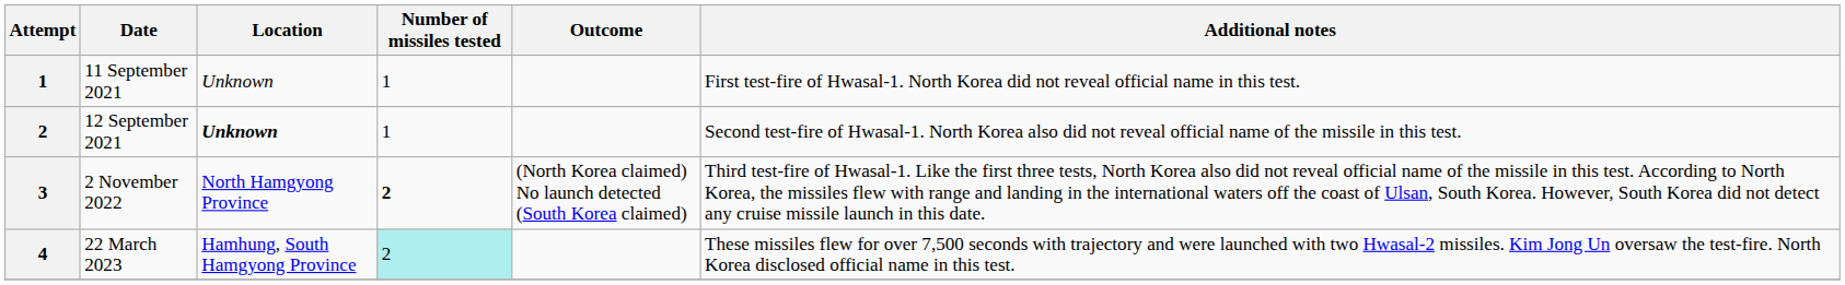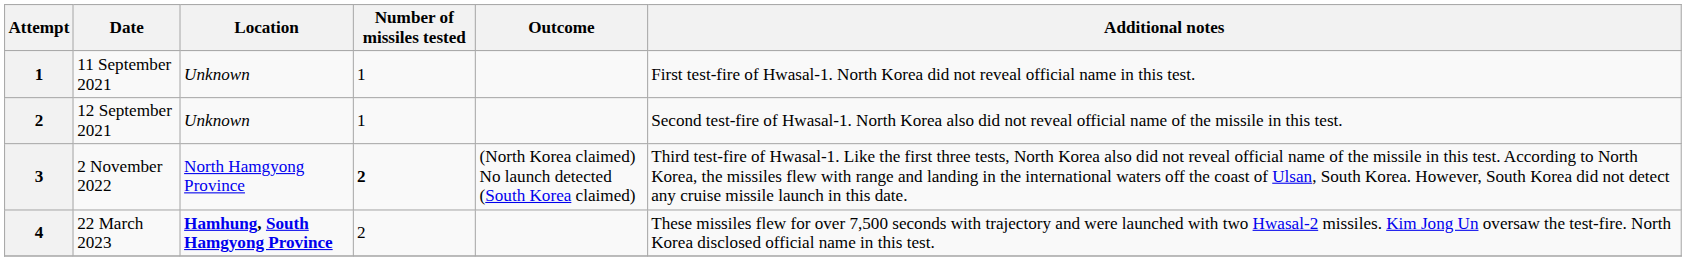 <table class="wikitable">
 <tr>
 <th scope="col">Attempt</th>
 <th scope="col">Date</th>
 <th scope="col">Location</th>
 <th scope="col">Number of missiles tested</th>
 <th scope="col">Outcome</th>
 <th scope="col">Additional notes</th>
 </tr>
 <tr>
 <th scope="row">1</th>
 <td>11 September 2021</td>
 <td><em>Unknown</em></td>
 <td>1</td>
 <td></td>
 <td>First test-fire of Hwasal-1. North Korea did not reveal official name in this test.</td>
 </tr>
 <tr>
 <th>2</th>
 <td>12 September 2021</td>
-<td><strong><em>Unknown</em></strong></td>
+<td><em>Unknown</em></td>
 <td>1</td>
 <td></td>
 <td>Second test-fire of Hwasal-1. North Korea also did not reveal official name of the missile in this test.</td>
 </tr>
 <tr>
 <th>3</th>
 <td>2 November 2022</td>
 <td><a href='#'>North Hamgyong Province</a></td>
 <td><strong>2</strong></td>
 <td> (North Korea claimed) <br> No launch detected (<a href='#'>South Korea</a> claimed)</td>
 <td>Third test-fire of Hwasal-1. Like the first three tests, North Korea also did not reveal official name of the missile in this test. According to North Korea, the missiles flew with  range and landing in the international waters  off the coast of <a href='#'>Ulsan</a>, South Korea. However, South Korea did not detect any cruise missile launch in this date.</td>
 </tr>
 <tr>
 <th>4</th>
 <td>22 March 2023</td>
-<td><a href='#'>Hamhung</a>, <a href='#'>South Hamgyong Province</a></td>
-<td style="background: paleturquoise;">2</td>
+<td><strong><a href='#'>Hamhung</a>, <a href='#'>South Hamgyong Province</a></strong></td>
+<td>2</td>
 <td></td>
 <td>These missiles flew for over 7,500 seconds with  trajectory and were launched with two <a href='#'>Hwasal-2</a> missiles. <a href='#'>Kim Jong Un</a> oversaw the test-fire. North Korea disclosed official name in this test.</td>
 </tr>
 <tr>
 </tr>
 </table>
